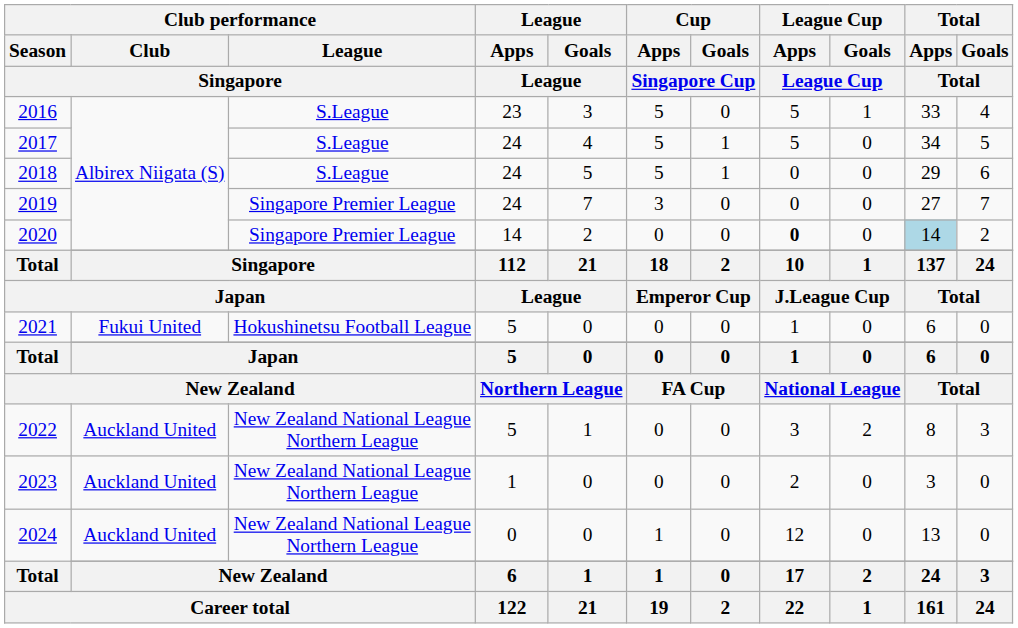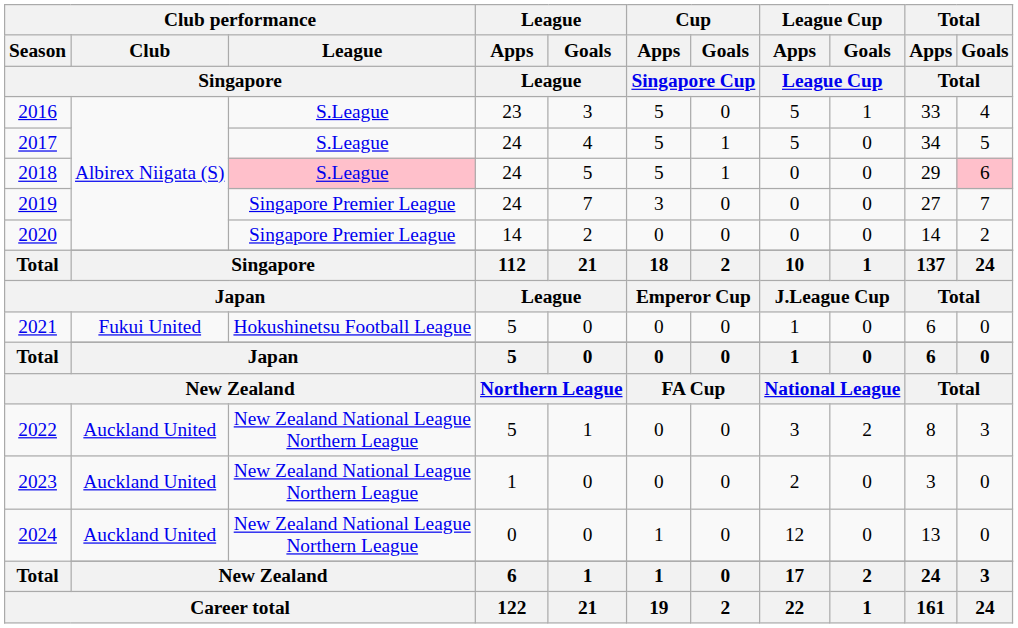 <table class="wikitable" style="text-align:center">
 <tr>
 <th colspan=3>Club performance</th>
 <th colspan=2>League</th>
 <th colspan=2>Cup</th>
 <th colspan=2>League Cup</th>
 <th colspan=2>Total</th>
 </tr>
 <tr>
 <th>Season</th>
 <th>Club</th>
 <th>League</th>
 <th>Apps</th>
 <th>Goals</th>
 <th>Apps</th>
 <th>Goals</th>
 <th>Apps</th>
 <th>Goals</th>
 <th>Apps</th>
 <th>Goals</th>
 </tr>
 <tr>
 <th colspan=3>Singapore</th>
 <th colspan=2>League</th>
 <th colspan=2><a href='#'>Singapore Cup</a></th>
 <th colspan=2><a href='#'>League Cup</a></th>
 <th colspan=2>Total</th>
 </tr>
 <tr>
 <td><a href='#'>2016</a></td>
 <td rowspan="5"><a href='#'>Albirex Niigata (S)</a></td>
 <td><a href='#'>S.League</a></td>
 <td>23</td>
 <td>3</td>
 <td>5</td>
 <td>0</td>
 <td>5</td>
 <td>1</td>
 <td>33</td>
 <td>4</td>
 </tr>
 <tr>
 <td><a href='#'>2017</a></td>
 <td><a href='#'>S.League</a></td>
 <td>24</td>
 <td>4</td>
 <td>5</td>
 <td>1</td>
 <td>5</td>
 <td>0</td>
 <td>34</td>
 <td>5</td>
 </tr>
 <tr>
 <td><a href='#'>2018</a></td>
-<td><a href='#'>S.League</a></td>
+<td style="background: pink;"><a href='#'>S.League</a></td>
 <td>24</td>
 <td>5</td>
 <td>5</td>
 <td>1</td>
 <td>0</td>
 <td>0</td>
 <td>29</td>
-<td>6</td>
+<td style="background: pink;">6</td>
 </tr>
 <tr>
 <td><a href='#'>2019</a></td>
 <td><a href='#'>Singapore Premier League</a></td>
 <td>24</td>
 <td>7</td>
 <td>3</td>
 <td>0</td>
 <td>0</td>
 <td>0</td>
 <td>27</td>
 <td>7</td>
 </tr>
 <tr>
 <td><a href='#'>2020</a></td>
 <td><a href='#'>Singapore Premier League</a></td>
 <td>14</td>
 <td>2</td>
 <td>0</td>
 <td>0</td>
-<td><strong>0</strong></td>
 <td>0</td>
-<td style="background: lightblue;">14</td>
+<td>0</td>
+<td>14</td>
 <td>2</td>
 </tr>
 <tr>
 <th rowspan=2>Total</th>
 </tr>
 <tr>
 <th colspan=2>Singapore</th>
 <th>112</th>
 <th>21</th>
 <th>18</th>
 <th>2</th>
 <th>10</th>
 <th>1</th>
 <th>137</th>
 <th>24</th>
 </tr>
 <tr>
 <th colspan=3>Japan</th>
 <th colspan=2>League</th>
 <th colspan=2>Emperor Cup</th>
 <th colspan=2>J.League Cup</th>
 <th colspan=2>Total</th>
 </tr>
 <tr>
 <td><a href='#'>2021</a></td>
 <td><a href='#'>Fukui United</a></td>
 <td><a href='#'>Hokushinetsu Football League</a></td>
 <td>5</td>
 <td>0</td>
 <td>0</td>
 <td>0</td>
 <td>1</td>
 <td>0</td>
 <td>6</td>
 <td>0</td>
 </tr>
 <tr>
 <th rowspan=2>Total</th>
 </tr>
 <tr>
 <th colspan=2>Japan</th>
 <th>5</th>
 <th>0</th>
 <th>0</th>
 <th>0</th>
 <th>1</th>
 <th>0</th>
 <th>6</th>
 <th>0</th>
 </tr>
 <tr>
 <th colspan=3>New Zealand</th>
 <th colspan=2><a href='#'>Northern League</a></th>
 <th colspan=2>FA Cup</th>
 <th colspan=2><a href='#'>National League</a></th>
 <th colspan=2>Total</th>
 </tr>
 <tr>
 <td><a href='#'>2022</a></td>
 <td><a href='#'>Auckland United</a></td>
 <td><a href='#'>New Zealand National League</a> <br> <a href='#'>Northern League</a></td>
 <td>5</td>
 <td>1</td>
 <td>0</td>
 <td>0</td>
 <td>3</td>
 <td>2</td>
 <td>8</td>
 <td>3</td>
 </tr>
 <tr>
 <td><a href='#'>2023</a></td>
 <td><a href='#'>Auckland United</a></td>
 <td><a href='#'>New Zealand National League</a> <br> <a href='#'>Northern League</a></td>
 <td>1</td>
 <td>0</td>
 <td>0</td>
 <td>0</td>
 <td>2</td>
 <td>0</td>
 <td>3</td>
 <td>0</td>
 </tr>
 <tr>
 <td><a href='#'>2024</a></td>
 <td><a href='#'>Auckland United</a></td>
 <td><a href='#'>New Zealand National League</a> <br> <a href='#'>Northern League</a></td>
 <td>0</td>
 <td>0</td>
 <td>1</td>
 <td>0</td>
 <td>12</td>
 <td>0</td>
 <td>13</td>
 <td>0</td>
 </tr>
 <tr>
 <th rowspan=2>Total</th>
 </tr>
 <tr>
 <th colspan=2>New Zealand</th>
 <th>6</th>
 <th>1</th>
 <th>1</th>
 <th>0</th>
 <th>17</th>
 <th>2</th>
 <th>24</th>
 <th>3</th>
 </tr>
 <tr>
 <th colspan=3>Career total</th>
 <th>122</th>
 <th>21</th>
 <th>19</th>
 <th>2</th>
 <th>22</th>
 <th>1</th>
 <th>161</th>
 <th>24</th>
 </tr>
 </table>
